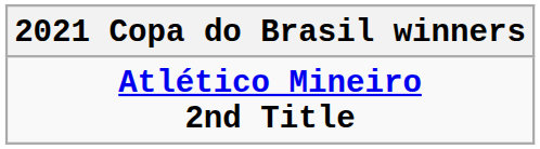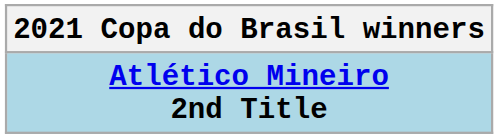 <table class="wikitable" style="text-align: center; margin: 0 auto;">
 <tr>
 <th>2021 Copa do Brasil winners</th>
 </tr>
 <tr>
-<td><strong><a href='#'>Atlético Mineiro</a></strong><br><strong>2nd Title</strong></td>
+<td style="background: lightblue;"><strong><a href='#'>Atlético Mineiro</a></strong><br><strong>2nd Title</strong></td>
 </tr>
 </table>
